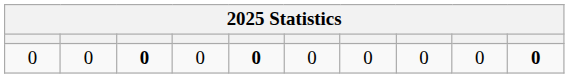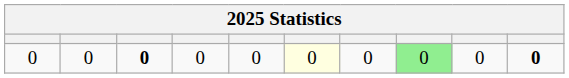 <table class="wikitable" style="text-align: center;">
 <tr>
 <th colspan=10><strong>2025 Statistics</strong></th>
 </tr>
 <tr>
 <th style="width: 40px;"></th>
 <th style="width: 40px;"></th>
 <th style="width: 40px;"></th>
 <th style="width: 40px;"></th>
 <th style="width: 40px;"></th>
 <th style="width: 40px;"></th>
 <th style="width: 40px;"></th>
 <th style="width: 40px;"></th>
 <th style="width: 40px;"></th>
 <th style="width: 40px;"></th>
 </tr>
 <tr>
 <td>0</td>
 <td>0</td>
 <td><strong>0</strong></td>
 <td>0</td>
-<td><strong>0</strong></td>
 <td>0</td>
+<td style="background: lightyellow;">0</td>
 <td>0</td>
-<td>0</td>
+<td style="background: lightgreen;">0</td>
 <td>0</td>
 <td><strong>0</strong></td>
 </tr>
 </table>
